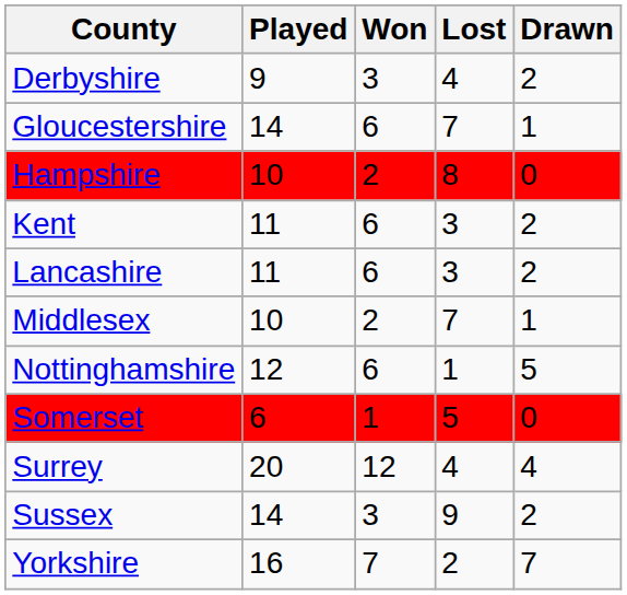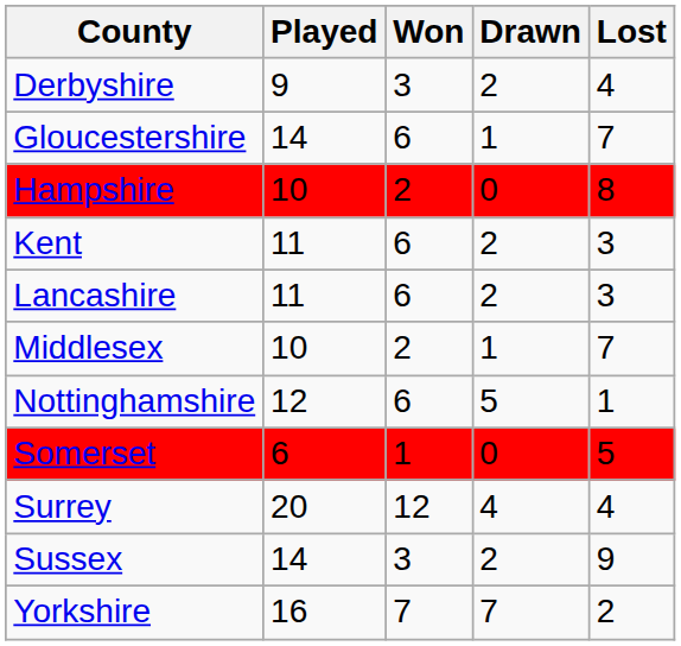 <table class="wikitable sortable">
 <tr>
 <th>County</th>
 <th>Played</th>
 <th>Won</th>
+<th>Drawn</th>
 <th>Lost</th>
-<th>Drawn</th>
 </tr>
 <tr>
 <td><a href='#'>Derbyshire</a></td>
 <td>9</td>
 <td>3</td>
+<td>2</td>
 <td>4</td>
-<td>2</td>
 </tr>
 <tr>
 <td><a href='#'>Gloucestershire</a></td>
 <td>14</td>
 <td>6</td>
+<td>1</td>
 <td>7</td>
-<td>1</td>
 </tr>
 <tr style="background:red">
 <td><a href='#'>Hampshire</a></td>
 <td>10</td>
 <td>2</td>
+<td>0</td>
 <td>8</td>
-<td>0</td>
 </tr>
 <tr>
 <td><a href='#'>Kent</a></td>
 <td>11</td>
 <td>6</td>
+<td>2</td>
 <td>3</td>
-<td>2</td>
 </tr>
 <tr>
 <td><a href='#'>Lancashire</a></td>
 <td>11</td>
 <td>6</td>
+<td>2</td>
 <td>3</td>
-<td>2</td>
 </tr>
 <tr>
 <td><a href='#'>Middlesex</a></td>
 <td>10</td>
 <td>2</td>
+<td>1</td>
 <td>7</td>
-<td>1</td>
 </tr>
 <tr>
 <td><a href='#'>Nottinghamshire</a></td>
 <td>12</td>
 <td>6</td>
+<td>5</td>
 <td>1</td>
-<td>5</td>
 </tr>
 <tr style="background:red">
 <td><a href='#'>Somerset</a></td>
 <td>6</td>
 <td>1</td>
+<td>0</td>
 <td>5</td>
-<td>0</td>
 </tr>
 <tr>
 <td><a href='#'>Surrey</a></td>
 <td>20</td>
 <td>12</td>
 <td>4</td>
 <td>4</td>
 </tr>
 <tr>
 <td><a href='#'>Sussex</a></td>
 <td>14</td>
 <td>3</td>
+<td>2</td>
 <td>9</td>
-<td>2</td>
 </tr>
 <tr>
 <td><a href='#'>Yorkshire</a></td>
 <td>16</td>
 <td>7</td>
+<td>7</td>
 <td>2</td>
-<td>7</td>
 </tr>
 </table>
